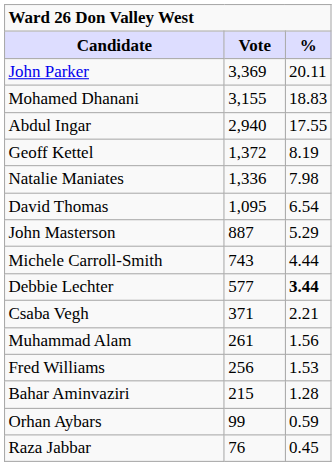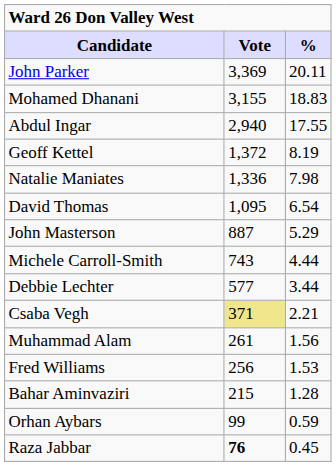 <table class="wikitable plainrowheaders">
 <tr>
 <td colspan="3"><strong>Ward 26 Don Valley West</strong></td>
 </tr>
 <tr>
 <th style="background:#ddf; width:200px;">Candidate</th>
 <th style="background:#ddf; width:50px;">Vote</th>
 <th style="background:#ddf; width:30px;">%</th>
 </tr>
 <tr>
 <td><a href='#'>John Parker</a></td>
 <td>3,369</td>
 <td>20.11</td>
 </tr>
 <tr>
 <td>Mohamed Dhanani</td>
 <td>3,155</td>
 <td>18.83</td>
 </tr>
 <tr>
 <td>Abdul Ingar</td>
 <td>2,940</td>
 <td>17.55</td>
 </tr>
 <tr>
 <td>Geoff Kettel</td>
 <td>1,372</td>
 <td>8.19</td>
 </tr>
 <tr>
 <td>Natalie Maniates</td>
 <td>1,336</td>
 <td>7.98</td>
 </tr>
 <tr>
 <td>David Thomas</td>
 <td>1,095</td>
 <td>6.54</td>
 </tr>
 <tr>
 <td>John Masterson</td>
 <td>887</td>
 <td>5.29</td>
 </tr>
 <tr>
 <td>Michele Carroll-Smith</td>
 <td>743</td>
 <td>4.44</td>
 </tr>
 <tr>
 <td>Debbie Lechter</td>
 <td>577</td>
-<td><strong>3.44</strong></td>
+<td>3.44</td>
 </tr>
 <tr>
 <td>Csaba Vegh</td>
-<td>371</td>
+<td style="background: khaki;">371</td>
 <td>2.21</td>
 </tr>
 <tr>
 <td>Muhammad Alam</td>
 <td>261</td>
 <td>1.56</td>
 </tr>
 <tr>
 <td>Fred Williams</td>
 <td>256</td>
 <td>1.53</td>
 </tr>
 <tr>
 <td>Bahar Aminvaziri</td>
 <td>215</td>
 <td>1.28</td>
 </tr>
 <tr>
 <td>Orhan Aybars</td>
 <td>99</td>
 <td>0.59</td>
 </tr>
 <tr>
 <td>Raza Jabbar</td>
-<td>76</td>
+<td><strong>76</strong></td>
 <td>0.45</td>
 </tr>
 </table>
